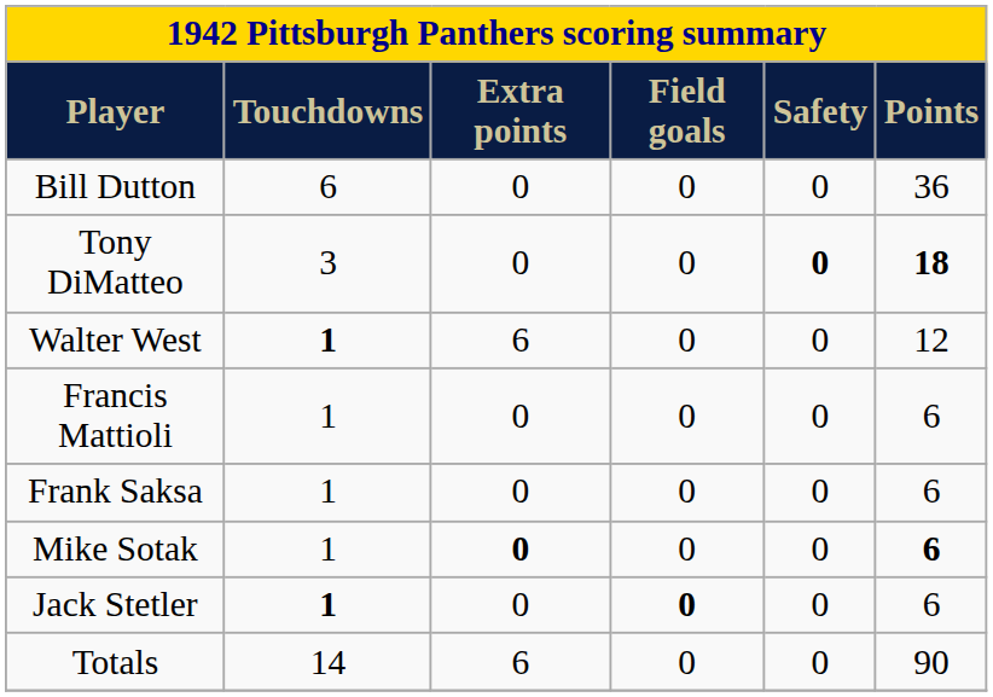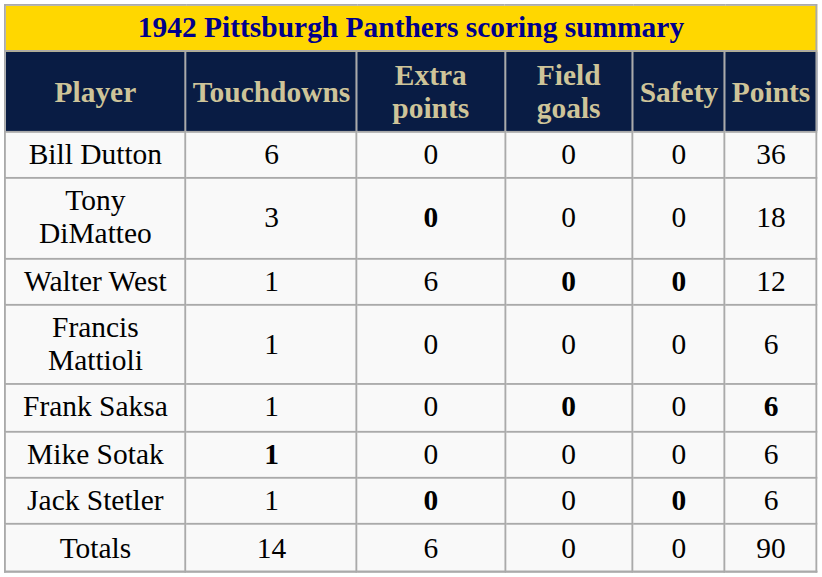 <table class="wikitable" width="35%">
 <tr>
 <th colspan="10" style="background:gold; color:darkblue; text-align: center;"><strong>1942 Pittsburgh Panthers scoring summary</strong></th>
 </tr>
 <tr align="center"  style="background:#091C44;color:#CEC499;">
 <td><strong>Player</strong></td>
 <td><strong>Touchdowns</strong></td>
 <td><strong>Extra points</strong></td>
 <td><strong>Field goals</strong></td>
 <td><strong>Safety</strong></td>
 <td><strong>Points</strong></td>
 </tr>
 <tr align="center" bgcolor="">
 <td>Bill Dutton</td>
 <td>6</td>
 <td>0</td>
 <td>0</td>
 <td>0</td>
 <td>36</td>
 </tr>
 <tr align="center" bgcolor="">
 <td>Tony DiMatteo</td>
 <td>3</td>
+<td><strong>0</strong></td>
 <td>0</td>
 <td>0</td>
-<td><strong>0</strong></td>
-<td><strong>18</strong></td>
+<td>18</td>
 </tr>
 <tr align="center" bgcolor="">
 <td>Walter West</td>
-<td><strong>1</strong></td>
+<td>1</td>
 <td>6</td>
-<td>0</td>
-<td>0</td>
+<td><strong>0</strong></td>
+<td><strong>0</strong></td>
 <td>12</td>
 </tr>
 <tr align="center" bgcolor="">
 <td>Francis Mattioli</td>
 <td>1</td>
 <td>0</td>
 <td>0</td>
 <td>0</td>
 <td>6</td>
 </tr>
 <tr align="center" bgcolor="">
 <td>Frank Saksa</td>
 <td>1</td>
 <td>0</td>
+<td><strong>0</strong></td>
+<td>0</td>
+<td><strong>6</strong></td>
+</tr>
+<tr align="center" bgcolor="">
+<td>Mike Sotak</td>
+<td><strong>1</strong></td>
+<td>0</td>
 <td>0</td>
 <td>0</td>
 <td>6</td>
 </tr>
 <tr align="center" bgcolor="">
-<td>Mike Sotak</td>
+<td>Jack Stetler</td>
 <td>1</td>
 <td><strong>0</strong></td>
 <td>0</td>
-<td>0</td>
-<td><strong>6</strong></td>
-</tr>
-<tr align="center" bgcolor="">
-<td>Jack Stetler</td>
-<td><strong>1</strong></td>
-<td>0</td>
 <td><strong>0</strong></td>
-<td>0</td>
 <td>6</td>
 </tr>
 <tr align="center" bgcolor="">
 <td>Totals</td>
 <td>14</td>
 <td>6</td>
 <td>0</td>
 <td>0</td>
 <td>90</td>
 </tr>
 <tr align="center" bgcolor="">
 </tr>
 </table>
